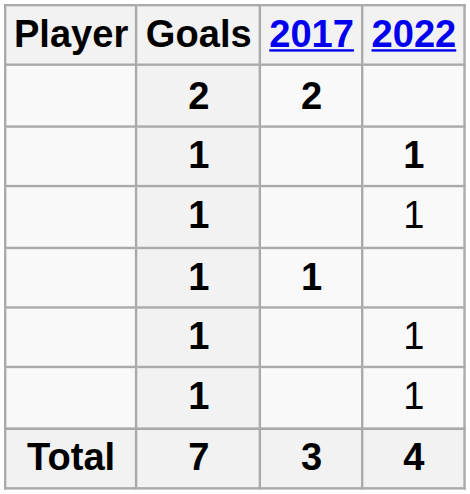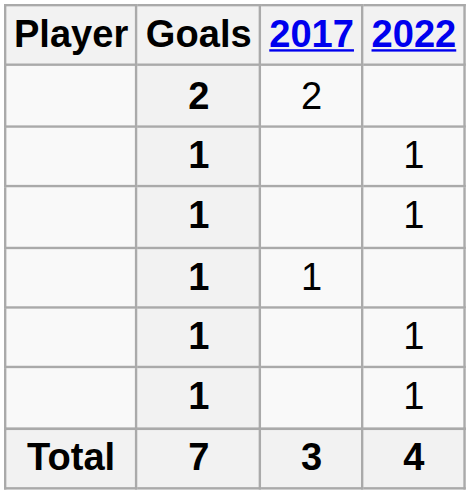 <table class="wikitable sortable" style="text-align:center;">
 <tr>
 <th>Player</th>
 <th>Goals</th>
 <th><a href='#'>2017</a></th>
 <th><a href='#'>2022</a></th>
 </tr>
 <tr>
 <td align="left"></td>
 <th>2</th>
-<td><strong>2</strong></td>
+<td>2</td>
 <td></td>
-</tr>
-<tr>
-<td align="left"></td>
-<th>1</th>
-<td></td>
-<td><strong>1</strong></td>
 </tr>
 <tr>
 <td align="left"></td>
 <th>1</th>
 <td></td>
 <td>1</td>
 </tr>
 <tr>
 <td align="left"></td>
 <th>1</th>
-<td><strong>1</strong></td>
+<td></td>
+<td>1</td>
+</tr>
+<tr>
+<td align="left"></td>
+<th>1</th>
+<td>1</td>
 <td></td>
 </tr>
 <tr>
 <td align="left"></td>
 <th>1</th>
 <td></td>
 <td>1</td>
 </tr>
 <tr>
 <td align="left"></td>
 <th>1</th>
 <td></td>
 <td>1</td>
 </tr>
 <tr>
 </tr>
 <tr class="sortbottom">
 <th>Total</th>
 <th>7</th>
 <th>3</th>
 <th>4</th>
 </tr>
 </table>
